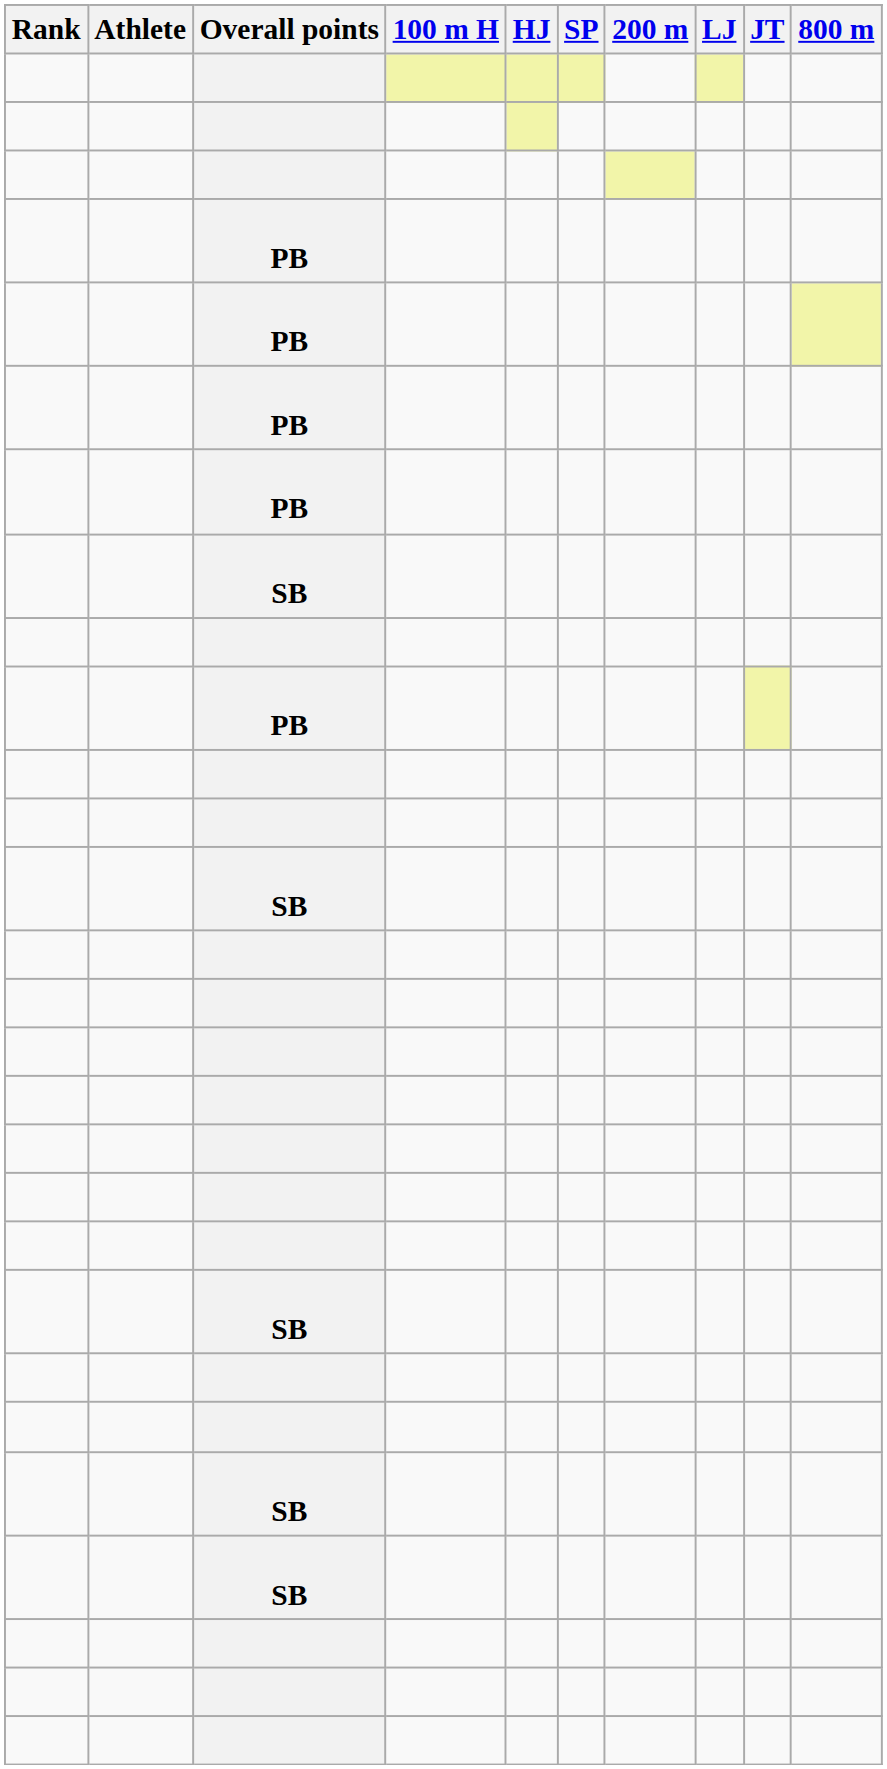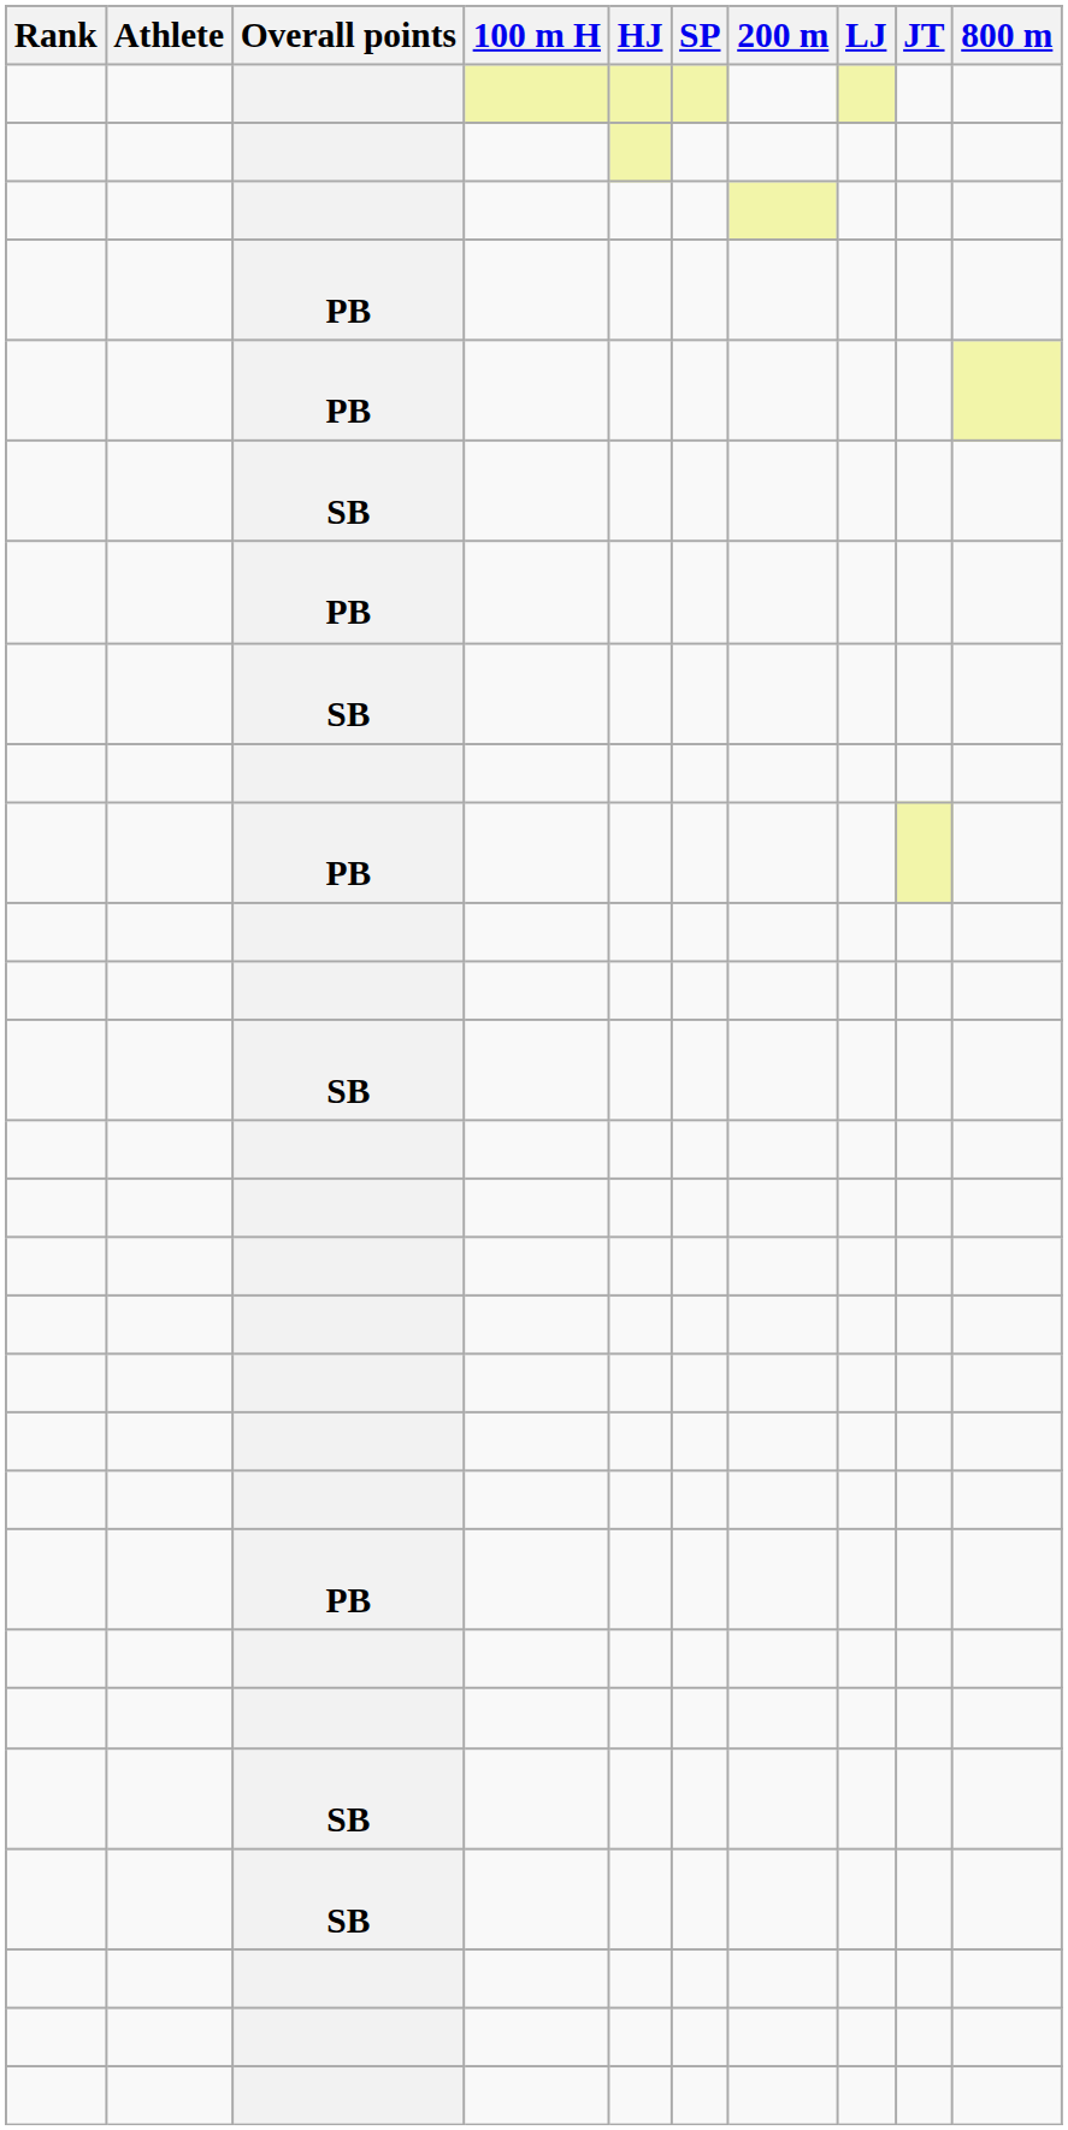 <table class="wikitable sortable" style="font-size:95%;">
 <tr>
 <th>Rank</th>
 <th>Athlete</th>
 <th>Overall points</th>
 <th><a href='#'>100 m H</a></th>
 <th><a href='#'>HJ</a></th>
 <th><a href='#'>SP</a></th>
 <th><a href='#'>200 m</a></th>
 <th><a href='#'>LJ</a></th>
 <th><a href='#'>JT</a></th>
 <th><a href='#'>800 m</a></th>
 </tr>
 <tr>
 <td align=center></td>
 <td align=left> <br></td>
 <th></th>
 <td bgcolor=#F2F5A9></td>
 <td bgcolor=#F2F5A9></td>
 <td bgcolor=#F2F5A9></td>
 <td></td>
 <td bgcolor=#F2F5A9></td>
 <td></td>
 <td></td>
 </tr>
 <tr>
 <td align=center></td>
 <td align=left> <br></td>
 <th></th>
 <td></td>
 <td bgcolor=#F2F5A9></td>
 <td></td>
 <td></td>
 <td></td>
 <td></td>
 <td></td>
 </tr>
 <tr>
 <td align=center></td>
 <td align=left> <br></td>
 <th></th>
 <td></td>
 <td></td>
 <td></td>
 <td bgcolor=#F2F5A9></td>
 <td></td>
 <td></td>
 <td></td>
 </tr>
 <tr>
 <td align=center></td>
 <td align=left> <br></td>
 <th> <br><strong>PB</strong></th>
 <td></td>
 <td></td>
 <td></td>
 <td></td>
 <td></td>
 <td></td>
 <td></td>
 </tr>
 <tr>
 <td align=center></td>
 <td align=left> <br></td>
 <th> <br><strong>PB</strong></th>
 <td></td>
 <td></td>
 <td></td>
 <td></td>
 <td></td>
 <td></td>
 <td bgcolor=#F2F5A9></td>
 </tr>
 <tr>
 <td align=center></td>
 <td align=left> <br></td>
-<th> <br><strong>PB</strong></th>
+<th> <br><strong>SB</strong></th>
 <td></td>
 <td></td>
 <td></td>
 <td></td>
 <td></td>
 <td></td>
 <td></td>
 </tr>
 <tr>
 <td align=center></td>
 <td align=left> <br></td>
 <th> <br><strong>PB</strong></th>
 <td></td>
 <td></td>
 <td></td>
 <td></td>
 <td></td>
 <td></td>
 <td></td>
 </tr>
 <tr>
 <td align=center></td>
 <td align=left> <br></td>
 <th> <br><strong>SB</strong></th>
 <td></td>
 <td></td>
 <td></td>
 <td></td>
 <td></td>
 <td></td>
 <td></td>
 </tr>
 <tr>
 <td align=center></td>
 <td align=left> <br></td>
 <th></th>
 <td></td>
 <td></td>
 <td></td>
 <td></td>
 <td></td>
 <td></td>
 <td></td>
 </tr>
 <tr>
 <td align=center></td>
 <td align=left> <br></td>
 <th> <br><strong>PB</strong></th>
 <td></td>
 <td></td>
 <td></td>
 <td></td>
 <td></td>
 <td bgcolor=#F2F5A9></td>
 <td></td>
 </tr>
 <tr>
 <td align=center></td>
 <td align=left> <br></td>
 <th></th>
 <td></td>
 <td></td>
 <td></td>
 <td></td>
 <td></td>
 <td></td>
 <td></td>
 </tr>
 <tr>
 <td align=center></td>
 <td align=left> <br></td>
 <th></th>
 <td></td>
 <td></td>
 <td></td>
 <td></td>
 <td></td>
 <td></td>
 <td></td>
 </tr>
 <tr>
 <td align=center></td>
 <td align=left> <br></td>
 <th> <br><strong>SB</strong></th>
 <td></td>
 <td></td>
 <td></td>
 <td></td>
 <td></td>
 <td></td>
 <td></td>
 </tr>
 <tr>
 <td align=center></td>
 <td align=left> <br></td>
 <th></th>
 <td></td>
 <td></td>
 <td></td>
 <td></td>
 <td></td>
 <td></td>
 <td></td>
 </tr>
 <tr>
 <td align=center></td>
 <td align=left> <br></td>
 <th></th>
 <td></td>
 <td></td>
 <td></td>
 <td></td>
 <td></td>
 <td></td>
 <td></td>
 </tr>
 <tr>
 <td align=center></td>
 <td align=left> <br></td>
 <th></th>
 <td></td>
 <td></td>
 <td></td>
 <td></td>
 <td></td>
 <td></td>
 <td></td>
 </tr>
 <tr>
 <td align=center></td>
 <td align=left> <br></td>
 <th></th>
 <td></td>
 <td></td>
 <td></td>
 <td></td>
 <td></td>
 <td></td>
 <td></td>
 </tr>
 <tr>
 <td align=center></td>
 <td align=left> <br></td>
 <th></th>
 <td></td>
 <td></td>
 <td></td>
 <td></td>
 <td></td>
 <td></td>
 <td></td>
 </tr>
 <tr>
 <td align=center></td>
 <td align=left> <br></td>
 <th></th>
 <td></td>
 <td></td>
 <td></td>
 <td></td>
 <td></td>
 <td></td>
 <td></td>
 </tr>
 <tr>
 <td align=center></td>
 <td align=left> <br></td>
 <th></th>
 <td></td>
 <td></td>
 <td></td>
 <td></td>
 <td></td>
 <td></td>
 <td></td>
 </tr>
 <tr>
 <td align=center></td>
 <td align=left> <br></td>
-<th> <br><strong>SB</strong></th>
+<th> <br><strong>PB</strong></th>
 <td></td>
 <td></td>
 <td></td>
 <td></td>
 <td></td>
 <td></td>
 <td></td>
 </tr>
 <tr>
 <td align=center></td>
 <td align=left> <br></td>
 <th></th>
 <td></td>
 <td></td>
 <td></td>
 <td></td>
 <td></td>
 <td></td>
 <td></td>
 </tr>
 <tr>
 <td align=center></td>
 <td align=left> <br></td>
 <th></th>
 <td></td>
 <td></td>
 <td></td>
 <td></td>
 <td></td>
 <td></td>
 <td></td>
 </tr>
 <tr>
 <td align=center></td>
 <td align=left> <br></td>
 <th> <br><strong>SB</strong></th>
 <td></td>
 <td></td>
 <td></td>
 <td></td>
 <td></td>
 <td></td>
 <td></td>
 </tr>
 <tr>
 <td align=center></td>
 <td align=left> <br></td>
 <th> <br><strong>SB</strong></th>
 <td></td>
 <td></td>
 <td></td>
 <td></td>
 <td></td>
 <td></td>
 <td></td>
 </tr>
 <tr>
 <td align=center></td>
 <td align=left> <br></td>
 <th></th>
 <td></td>
 <td></td>
 <td></td>
 <td></td>
 <td></td>
 <td></td>
 <td></td>
 </tr>
 <tr>
 <td align=center></td>
 <td align=left> <br></td>
 <th></th>
 <td></td>
 <td></td>
 <td></td>
 <td></td>
 <td></td>
 <td></td>
 <td></td>
 </tr>
 <tr>
 <td align=center></td>
 <td align=left> <br></td>
 <th></th>
 <td></td>
 <td></td>
 <td></td>
 <td></td>
 <td></td>
 <td></td>
 <td></td>
 </tr>
 </table>
